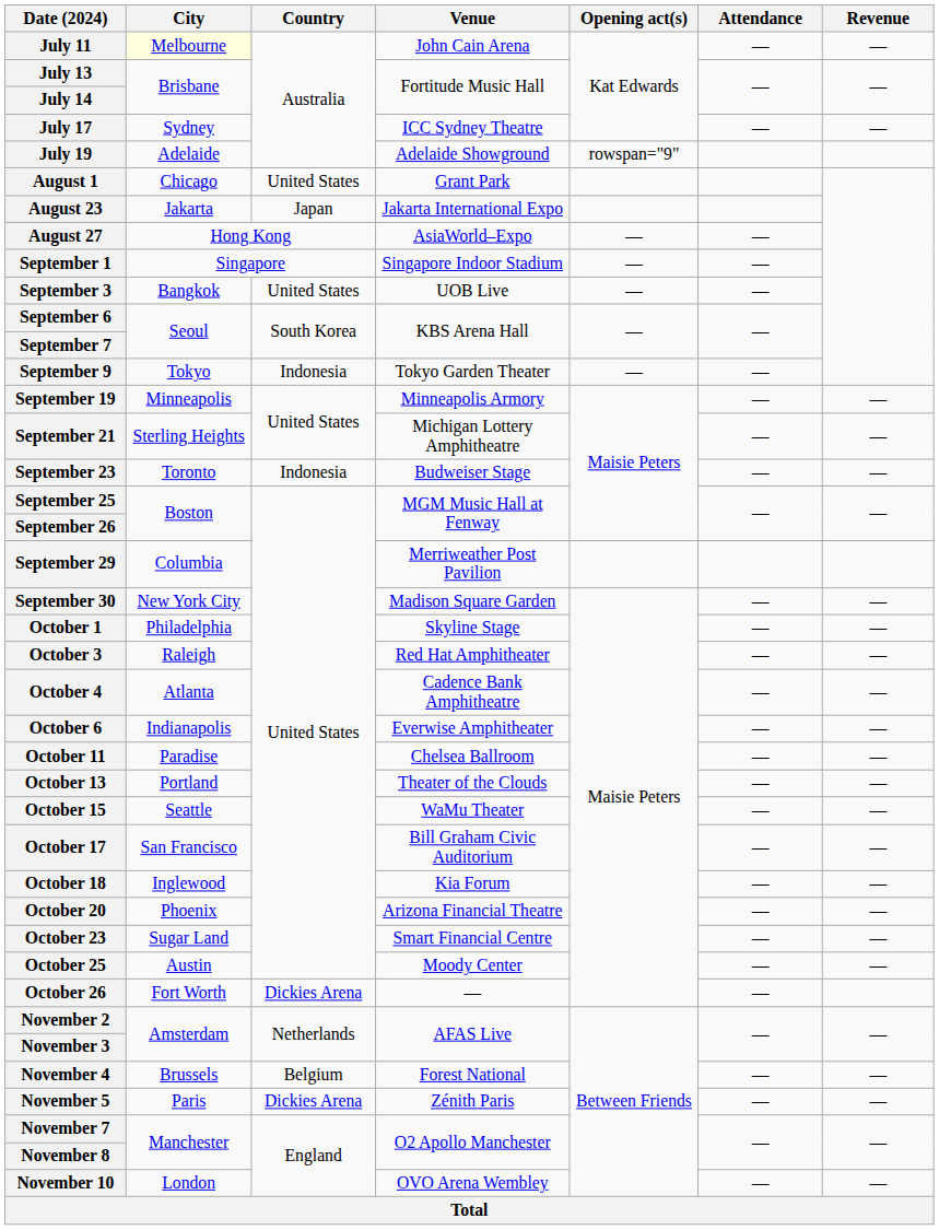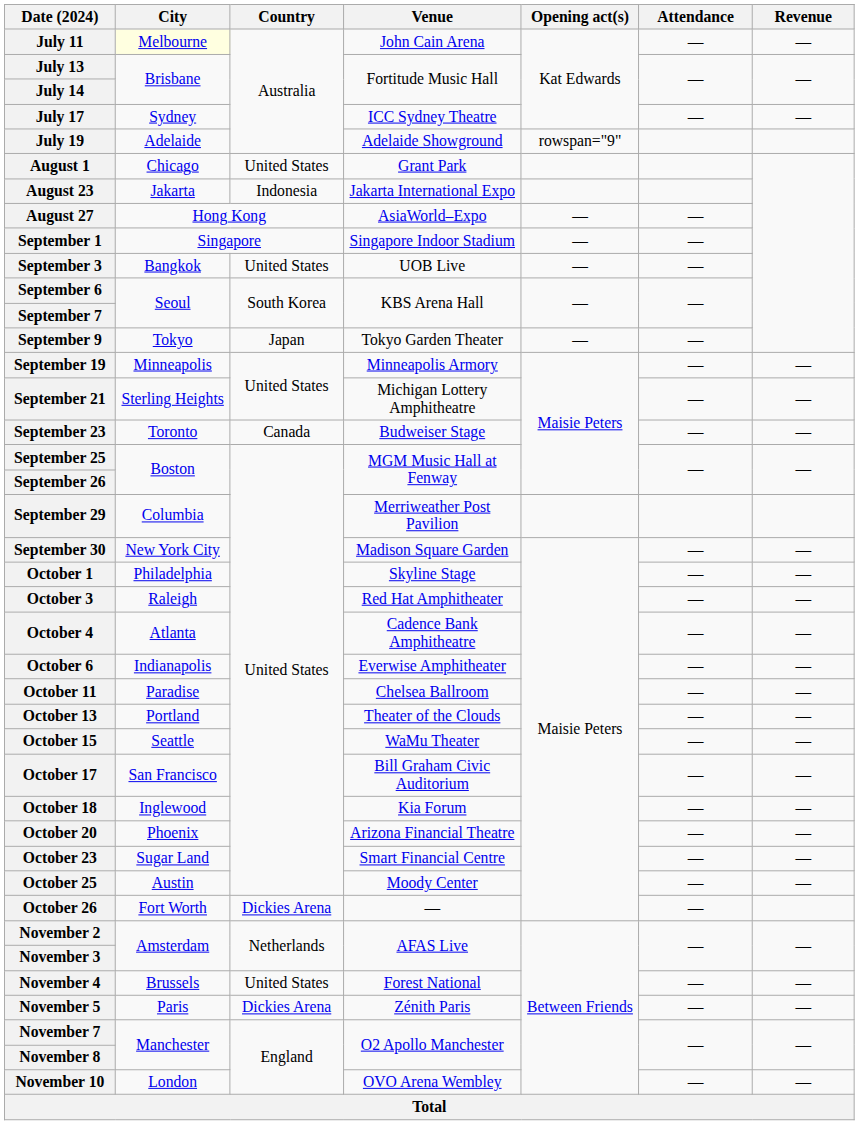 <table class="wikitable plainrowheaders" style="text-align:center;">
 <tr>
 <th scope="col" style="width:10em;">Date (2024)</th>
 <th scope="col" style="width:10em;">City</th>
 <th scope="col" style="width:10em;">Country</th>
 <th scope="col" style="width:20em;">Venue</th>
 <th scope="col" style="width:10em;">Opening act(s)</th>
 <th scope="col" style="width:10em;">Attendance</th>
 <th scope="col" style="width:10em;">Revenue</th>
 </tr>
 <tr>
 <th scope="row" style="text-align:center;">July 11</th>
 <td style="background: lightyellow;"><a href='#'>Melbourne</a></td>
 <td rowspan="5">Australia</td>
 <td><a href='#'>John Cain Arena</a></td>
 <td rowspan="4">Kat Edwards</td>
 <td>—</td>
 <td>—</td>
 </tr>
 <tr>
 <th scope="row" style="text-align:center;">July 13</th>
 <td rowspan="2"><a href='#'>Brisbane</a></td>
 <td rowspan="2">Fortitude Music Hall</td>
 <td rowspan="2">—</td>
 <td rowspan="2">—</td>
 </tr>
 <tr>
 <th scope="row" style="text-align:center;">July 14</th>
 </tr>
 <tr>
 <th scope="row" style="text-align:center;">July 17</th>
 <td><a href='#'>Sydney</a></td>
 <td><a href='#'> ICC Sydney Theatre</a></td>
 <td>—</td>
 <td>—</td>
 </tr>
 <tr>
 <th scope="row" style="text-align:center;">July 19</th>
 <td><a href='#'>Adelaide</a></td>
 <td><a href='#'>Adelaide Showground</a></td>
 <td>rowspan="9" </td>
 <td></td>
 <td></td>
 </tr>
 <tr>
 <th scope="row" style="text-align:center;">August 1</th>
 <td><a href='#'>Chicago</a></td>
 <td>United States</td>
 <td><a href='#'>Grant Park</a></td>
 <td></td>
 <td></td>
 </tr>
 <tr>
 <th scope="row" style="text-align:center;">August 23</th>
 <td><a href='#'>Jakarta</a></td>
-<td>Japan</td>
+<td>Indonesia</td>
 <td><a href='#'>Jakarta International Expo</a></td>
 <td></td>
 <td></td>
 </tr>
 <tr>
 <th scope="row" style="text-align:center;">August 27</th>
 <td colspan="2"><a href='#'>Hong Kong</a></td>
 <td><a href='#'>AsiaWorld–Expo</a></td>
 <td>—</td>
 <td>—</td>
 </tr>
 <tr>
 <th scope="row" style="text-align:center;">September 1</th>
 <td colspan="2"><a href='#'>Singapore</a></td>
 <td><a href='#'>Singapore Indoor Stadium</a></td>
 <td>—</td>
 <td>—</td>
 </tr>
 <tr>
 <th scope="row" style="text-align:center;">September 3</th>
 <td><a href='#'>Bangkok</a></td>
 <td>United States</td>
 <td>UOB Live</td>
 <td>—</td>
 <td>—</td>
 </tr>
 <tr>
 <th scope="row" style="text-align:center;">September 6</th>
 <td rowspan="2"><a href='#'>Seoul</a></td>
 <td rowspan="2">South Korea</td>
 <td rowspan="2">KBS Arena Hall</td>
 <td rowspan="2">—</td>
 <td rowspan="2">—</td>
 </tr>
 <tr>
 <th scope="row" style="text-align:center;">September 7</th>
 </tr>
 <tr>
 <th scope="row" style="text-align:center;">September 9</th>
 <td><a href='#'>Tokyo</a></td>
-<td>Indonesia</td>
+<td>Japan</td>
 <td>Tokyo Garden Theater</td>
 <td>—</td>
 <td>—</td>
 </tr>
 <tr>
 <th scope="row" style="text-align:center;">September 19</th>
 <td><a href='#'>Minneapolis</a></td>
 <td rowspan="2">United States</td>
 <td><a href='#'>Minneapolis Armory</a></td>
 <td rowspan="5"><a href='#'>Maisie Peters</a></td>
 <td>—</td>
 <td>—</td>
 </tr>
 <tr>
 <th scope="row" style="text-align:center;">September 21</th>
 <td><a href='#'>Sterling Heights</a></td>
 <td>Michigan Lottery Amphitheatre</td>
 <td>—</td>
 <td>—</td>
 </tr>
 <tr>
 <th scope="row" style="text-align:center;">September 23</th>
 <td><a href='#'>Toronto</a></td>
-<td>Indonesia</td>
+<td>Canada</td>
 <td><a href='#'>Budweiser Stage</a></td>
 <td>—</td>
 <td>—</td>
 </tr>
 <tr>
 <th scope="row" style="text-align:center;">September 25</th>
 <td rowspan="2"><a href='#'>Boston</a></td>
 <td rowspan="17">United States</td>
 <td rowspan="2"><a href='#'>MGM Music Hall at Fenway</a></td>
 <td rowspan="2">—</td>
 <td rowspan="2">—</td>
 </tr>
 <tr>
 <th scope="row" style="text-align:center;">September 26</th>
 </tr>
 <tr>
 </tr>
 <tr>
 <th scope="row" style="text-align:center;">September 29</th>
 <td><a href='#'>Columbia</a></td>
 <td><a href='#'>Merriweather Post Pavilion</a></td>
 <td></td>
 <td></td>
 <td></td>
 </tr>
 <tr>
 <th scope="row" style="text-align:center;">September 30</th>
 <td><a href='#'>New York City</a></td>
 <td><a href='#'>Madison Square Garden</a></td>
 <td rowspan="14">Maisie Peters</td>
 <td>—</td>
 <td>—</td>
 </tr>
 <tr>
 <th scope="row" style="text-align:center;">October 1</th>
 <td><a href='#'> Philadelphia</a></td>
 <td><a href='#'>Skyline Stage</a></td>
 <td>—</td>
 <td>—</td>
 </tr>
 <tr>
 <th scope="row" style="text-align:center;">October 3</th>
 <td><a href='#'>Raleigh</a></td>
 <td><a href='#'>Red Hat Amphitheater</a></td>
 <td>—</td>
 <td>—</td>
 </tr>
 <tr>
 <th scope="row" style="text-align:center;">October 4</th>
 <td><a href='#'>Atlanta</a></td>
 <td><a href='#'>Cadence Bank Amphitheatre</a></td>
 <td>—</td>
 <td>—</td>
 </tr>
 <tr>
 <th scope="row" style="text-align:center;">October 6</th>
 <td><a href='#'>Indianapolis</a></td>
 <td><a href='#'>Everwise Amphitheater</a></td>
 <td>—</td>
 <td>—</td>
 </tr>
 <tr>
 <th scope="row" style="text-align:center;">October 11</th>
 <td><a href='#'>Paradise</a></td>
 <td><a href='#'>Chelsea Ballroom</a></td>
 <td>—</td>
 <td>—</td>
 </tr>
 <tr>
 <th scope="row" style="text-align:center;">October 13</th>
 <td><a href='#'>Portland</a></td>
 <td><a href='#'>Theater of the Clouds</a></td>
 <td>—</td>
 <td>—</td>
 </tr>
 <tr>
 <th scope="row" style="text-align:center;">October 15</th>
 <td><a href='#'>Seattle</a></td>
 <td><a href='#'>WaMu Theater</a></td>
 <td>—</td>
 <td>—</td>
 </tr>
 <tr>
 <th scope="row" style="text-align:center;">October 17</th>
 <td><a href='#'>San Francisco</a></td>
 <td><a href='#'>Bill Graham Civic Auditorium</a></td>
 <td>—</td>
 <td>—</td>
 </tr>
 <tr>
 <th scope="row" style="text-align:center;">October 18</th>
 <td><a href='#'> Inglewood</a></td>
 <td><a href='#'>Kia Forum</a></td>
 <td>—</td>
 <td>—</td>
 </tr>
 <tr>
 <th scope="row" style="text-align:center;">October 20</th>
 <td><a href='#'> Phoenix</a></td>
 <td><a href='#'>Arizona Financial Theatre</a></td>
 <td>—</td>
 <td>—</td>
 </tr>
 <tr>
 <th scope="row" style="text-align:center;">October 23</th>
 <td><a href='#'>Sugar Land</a></td>
 <td><a href='#'>Smart Financial Centre</a></td>
 <td>—</td>
 <td>—</td>
 </tr>
 <tr>
 <th scope="row" style="text-align:center;">October 25</th>
 <td><a href='#'> Austin</a></td>
 <td><a href='#'>Moody Center</a></td>
 <td>—</td>
 <td>—</td>
 </tr>
 <tr>
 <th scope="row" style="text-align:center;">October 26</th>
 <td><a href='#'>Fort Worth</a></td>
 <td><a href='#'>Dickies Arena</a></td>
 <td>—</td>
 <td>—</td>
 </tr>
 <tr>
 <th scope="row" style="text-align:center;">November 2</th>
 <td rowspan="2"><a href='#'>Amsterdam</a></td>
 <td rowspan="2">Netherlands</td>
 <td rowspan="2"><a href='#'>AFAS Live</a></td>
 <td rowspan="7"><a href='#'> Between Friends</a></td>
 <td rowspan="2">—</td>
 <td rowspan="2">—</td>
 </tr>
 <tr>
 <th scope="row" style="text-align:center;">November 3</th>
 </tr>
 <tr>
 <th scope="row" style="text-align:center;">November 4</th>
 <td><a href='#'>Brussels</a></td>
-<td>Belgium</td>
+<td>United States</td>
 <td><a href='#'>Forest National</a></td>
 <td>—</td>
 <td>—</td>
 </tr>
 <tr>
 <th scope="row" style="text-align:center;">November 5</th>
 <td><a href='#'>Paris</a></td>
 <td><a href='#'>Dickies Arena</a></td>
 <td><a href='#'>Zénith Paris</a></td>
 <td>—</td>
 <td>—</td>
 </tr>
 <tr>
 <th scope="row" style="text-align:center;">November 7</th>
 <td rowspan="2"><a href='#'>Manchester</a></td>
 <td rowspan="3">England</td>
 <td rowspan="2"><a href='#'>O2 Apollo Manchester</a></td>
 <td rowspan="2">—</td>
 <td rowspan="2">—</td>
 </tr>
 <tr>
 <th scope="row" style="text-align:center;">November 8</th>
 </tr>
 <tr>
 <th scope="row" style="text-align:center;">November 10</th>
 <td><a href='#'>London</a></td>
 <td><a href='#'>OVO Arena Wembley</a></td>
 <td>—</td>
 <td>—</td>
 </tr>
 <tr>
 <th colspan="7">Total</th>
 </tr>
 </table>
